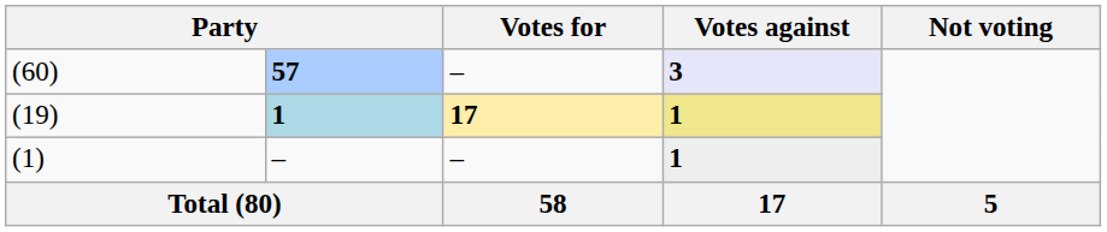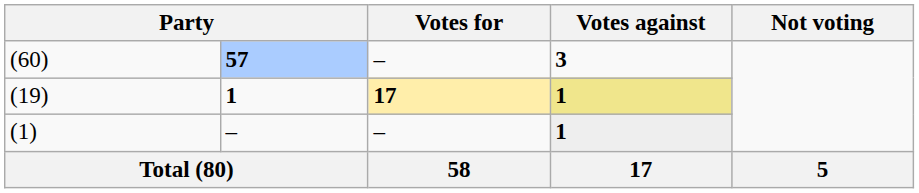 <table class="wikitable" style="width:50%">
 <tr>
 <th colspan="2">Party</th>
 <th style="width:20%;">Votes for</th>
 <th style="width:20%;">Votes against</th>
 <th style="width:20%;">Not voting</th>
 </tr>
 <tr>
 <td> (60)</td>
 <td style="background:#acf; color:#000;"><strong>57</strong></td>
 <td>–</td>
-<td style="background: lavender;"><strong>3</strong></td>
+<td><strong>3</strong></td>
 </tr>
 <tr>
 <td> (19)</td>
-<td style="background: lightblue;"><strong>1</strong></td>
+<td><strong>1</strong></td>
 <td style="background:#fea; color:#000;"><strong>17</strong></td>
 <td style="background: khaki;"><strong>1</strong></td>
 </tr>
 <tr>
 <td> (1)</td>
 <td>–</td>
 <td>–</td>
 <td style="background:#eee; color:#000;"><strong>1</strong></td>
 </tr>
 <tr>
 <th colspan="2">Total (80)</th>
 <th>58</th>
 <th>17</th>
 <th>5</th>
 </tr>
 </table>
